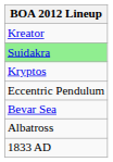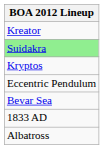 <table class="wikitable">
 <tr>
 <th>BOA 2012 Lineup</th>
 </tr>
 <tr>
 <td><a href='#'>Kreator</a></td>
 </tr>
 <tr>
 <td style="background: lightgreen;"><a href='#'>Suidakra</a></td>
 </tr>
 <tr>
 <td><a href='#'>Kryptos</a></td>
 </tr>
 <tr>
 <td>Eccentric Pendulum</td>
 </tr>
 <tr>
 <td><a href='#'>Bevar Sea</a></td>
 </tr>
 <tr>
+<td>1833 AD</td>
+</tr>
+<tr>
 <td>Albatross</td>
 </tr>
-<tr>
-<td>1833 AD</td>
-</tr>
 </table>
